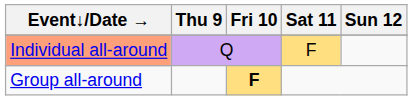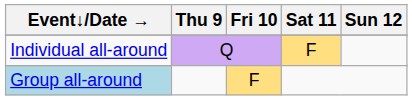 <table class="wikitable" style="margin:0.5em auto; font-size:90%; line-height:1.25em;">
 <tr align="center">
 <th>Event↓/Date →</th>
 <th>Thu 9</th>
 <th>Fri 10</th>
 <th>Sat 11</th>
 <th>Sun 12</th>
 </tr>
 <tr>
 </tr>
 <tr align="center">
-<td align="left" style="background: lightsalmon;"><a href='#'>Individual all-around</a></td>
+<td align="left"><a href='#'>Individual all-around</a></td>
 <td colspan=2 rowspan=2 bgcolor="#D0A9F5">Q</td>
 <td bgcolor="#FFDF80">F</td>
 <td></td>
 </tr>
 <tr>
 </tr>
 <tr align="center">
-<td align="left"><a href='#'>Group all-around</a></td>
+<td align="left" style="background: lightblue;"><a href='#'>Group all-around</a></td>
 <td></td>
-<td bgcolor="#FFDF80"><strong>F</strong></td>
+<td bgcolor="#FFDF80">F</td>
 </tr>
 </table>
